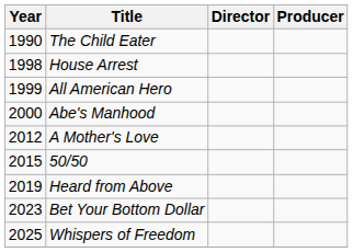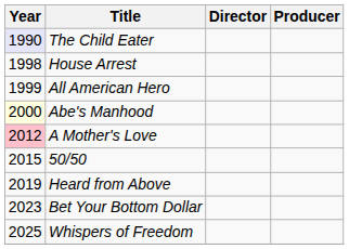 <table class="wikitable">
 <tr>
 <th>Year</th>
 <th>Title</th>
 <th>Director</th>
 <th>Producer</th>
 </tr>
 <tr>
-<td>1990</td>
+<td style="background: lavender;">1990</td>
 <td><em>The Child Eater</em></td>
 <td></td>
 <td></td>
 </tr>
 <tr>
 <td>1998</td>
 <td><em>House Arrest</em></td>
 <td></td>
 <td></td>
 </tr>
 <tr>
 <td>1999</td>
 <td><em>All American Hero</em></td>
 <td></td>
 <td></td>
 </tr>
 <tr>
-<td>2000</td>
+<td style="background: lightyellow;">2000</td>
 <td><em>Abe's Manhood</em></td>
 <td></td>
 <td></td>
 </tr>
 <tr>
-<td>2012</td>
+<td style="background: pink;">2012</td>
 <td><em>A Mother's Love</em></td>
 <td></td>
 <td></td>
 </tr>
 <tr>
 <td>2015</td>
 <td><em>50/50</em></td>
 <td></td>
 <td></td>
 </tr>
 <tr>
 <td>2019</td>
 <td><em>Heard from Above</em></td>
 <td></td>
 <td></td>
 </tr>
 <tr>
 <td>2023</td>
 <td><em>Bet Your Bottom Dollar</em></td>
 <td></td>
 <td></td>
 </tr>
 <tr>
 <td>2025</td>
 <td><em>Whispers of Freedom</em></td>
 <td></td>
 <td></td>
 </tr>
 <tr>
 </tr>
 </table>
